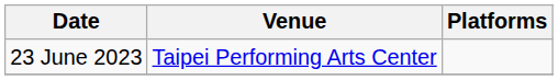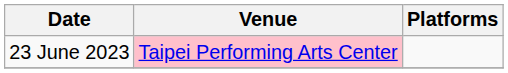 <table class="wikitable" style="text-align:center;">
 <tr>
 <th>Date</th>
 <th>Venue</th>
 <th>Platforms</th>
 </tr>
 <tr>
 <td>23 June 2023</td>
-<td><a href='#'>Taipei Performing Arts Center</a></td>
+<td style="background: pink;"><a href='#'>Taipei Performing Arts Center</a></td>
 <td></td>
 </tr>
 <tr>
 </tr>
 </table>
